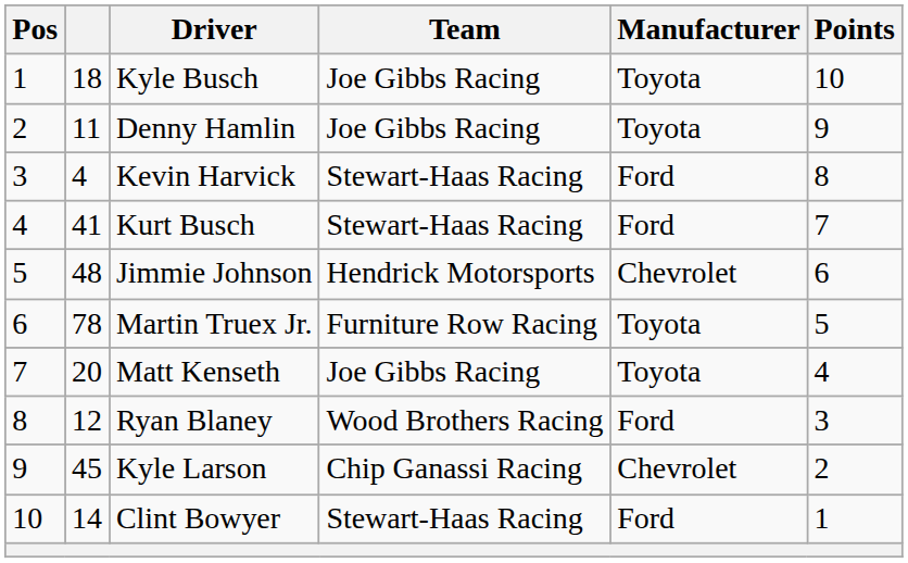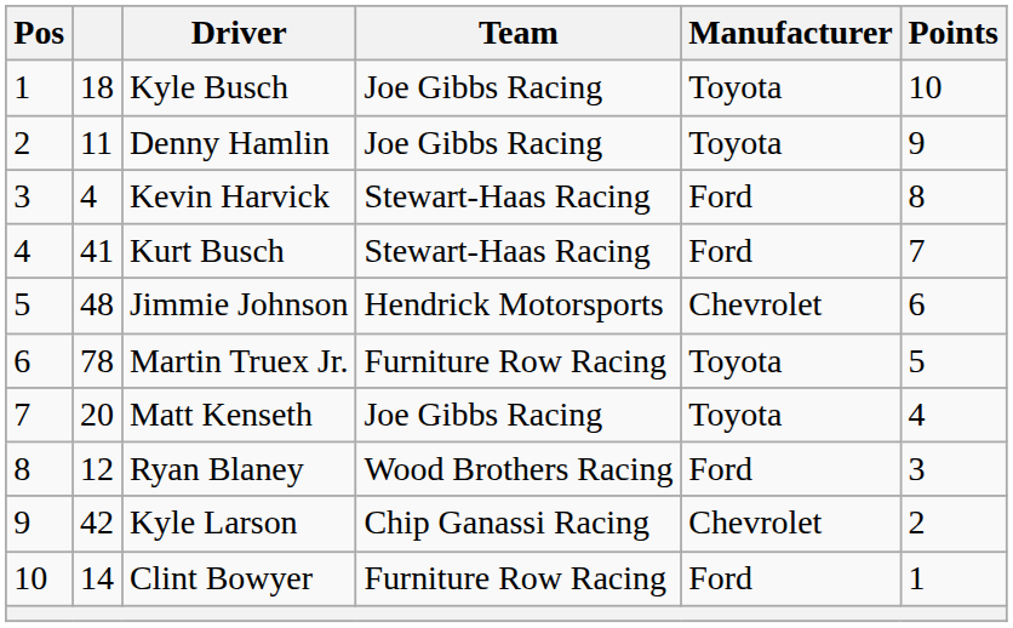 <table class="wikitable" style="font-size:98%">
 <tr>
 <th>Pos</th>
 <th></th>
 <th>Driver</th>
 <th>Team</th>
 <th>Manufacturer</th>
 <th>Points</th>
 </tr>
 <tr>
 <td>1</td>
 <td>18</td>
 <td>Kyle Busch</td>
 <td>Joe Gibbs Racing</td>
 <td>Toyota</td>
 <td>10</td>
 </tr>
 <tr>
 <td>2</td>
 <td>11</td>
 <td>Denny Hamlin</td>
 <td>Joe Gibbs Racing</td>
 <td>Toyota</td>
 <td>9</td>
 </tr>
 <tr>
 <td>3</td>
 <td>4</td>
 <td>Kevin Harvick</td>
 <td>Stewart-Haas Racing</td>
 <td>Ford</td>
 <td>8</td>
 </tr>
 <tr>
 <td>4</td>
 <td>41</td>
 <td>Kurt Busch</td>
 <td>Stewart-Haas Racing</td>
 <td>Ford</td>
 <td>7</td>
 </tr>
 <tr>
 <td>5</td>
 <td>48</td>
 <td>Jimmie Johnson</td>
 <td>Hendrick Motorsports</td>
 <td>Chevrolet</td>
 <td>6</td>
 </tr>
 <tr>
 <td>6</td>
 <td>78</td>
 <td>Martin Truex Jr.</td>
 <td>Furniture Row Racing</td>
 <td>Toyota</td>
 <td>5</td>
 </tr>
 <tr>
 <td>7</td>
 <td>20</td>
 <td>Matt Kenseth</td>
 <td>Joe Gibbs Racing</td>
 <td>Toyota</td>
 <td>4</td>
 </tr>
 <tr>
 <td>8</td>
 <td>12</td>
 <td>Ryan Blaney</td>
 <td>Wood Brothers Racing</td>
 <td>Ford</td>
 <td>3</td>
 </tr>
 <tr>
 <td>9</td>
-<td>45</td>
+<td>42</td>
 <td>Kyle Larson</td>
 <td>Chip Ganassi Racing</td>
 <td>Chevrolet</td>
 <td>2</td>
 </tr>
 <tr>
 <td>10</td>
 <td>14</td>
 <td>Clint Bowyer</td>
-<td>Stewart-Haas Racing</td>
+<td>Furniture Row Racing</td>
 <td>Ford</td>
 <td>1</td>
 </tr>
 <tr>
 <th colspan="6"></th>
 </tr>
 </table>
